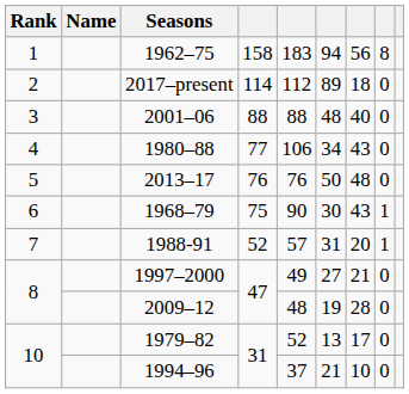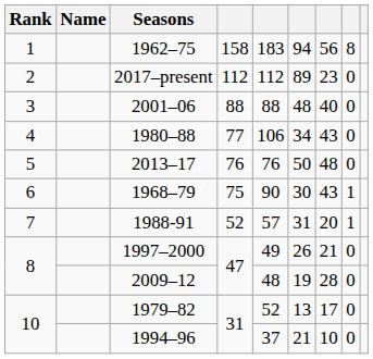 <table class="wikitable sortable" style="text-align:center">
 <tr>
 <th>Rank</th>
 <th>Name</th>
 <th>Seasons</th>
 <th></th>
 <th></th>
 <th></th>
 <th></th>
 <th></th>
 <th></th>
 </tr>
 <tr>
 <td>1</td>
 <td></td>
 <td>1962–75</td>
 <td>158</td>
 <td>183</td>
 <td>94</td>
 <td>56</td>
 <td>8</td>
 <td></td>
 </tr>
 <tr>
 <td>2</td>
 <td></td>
 <td>2017–present</td>
-<td>114</td>
+<td>112</td>
 <td>112</td>
 <td>89</td>
-<td>18</td>
+<td>23</td>
 <td>0</td>
 <td></td>
 </tr>
 <tr>
 <td>3</td>
 <td></td>
 <td>2001–06</td>
 <td>88</td>
 <td>88</td>
 <td>48</td>
 <td>40</td>
 <td>0</td>
 <td></td>
 </tr>
 <tr>
 <td>4</td>
 <td></td>
 <td>1980–88</td>
 <td>77</td>
 <td>106</td>
 <td>34</td>
 <td>43</td>
 <td>0</td>
 <td></td>
 </tr>
 <tr>
 <td>5</td>
 <td></td>
 <td>2013–17</td>
 <td>76</td>
 <td>76</td>
 <td>50</td>
 <td>48</td>
 <td>0</td>
 <td></td>
 </tr>
 <tr>
 <td>6</td>
 <td></td>
 <td>1968–79</td>
 <td>75</td>
 <td>90</td>
 <td>30</td>
 <td>43</td>
 <td>1</td>
 <td></td>
 </tr>
 <tr>
 <td>7</td>
 <td></td>
 <td>1988-91</td>
 <td>52</td>
 <td>57</td>
 <td>31</td>
 <td>20</td>
 <td>1</td>
 <td></td>
 </tr>
 <tr>
 <td rowspan="2">8</td>
 <td></td>
 <td>1997–2000</td>
 <td rowspan="2">47</td>
 <td>49</td>
-<td>27</td>
+<td>26</td>
 <td>21</td>
 <td>0</td>
 <td></td>
 </tr>
 <tr>
 <td></td>
 <td>2009–12</td>
 <td>48</td>
 <td>19</td>
 <td>28</td>
 <td>0</td>
 <td></td>
 </tr>
 <tr>
 <td rowspan="2">10</td>
 <td></td>
 <td>1979–82</td>
 <td rowspan="2">31</td>
 <td>52</td>
 <td>13</td>
 <td>17</td>
 <td>0</td>
 <td></td>
 </tr>
 <tr>
 <td></td>
 <td>1994–96</td>
 <td>37</td>
 <td>21</td>
 <td>10</td>
 <td>0</td>
 <td></td>
 </tr>
 </table>
